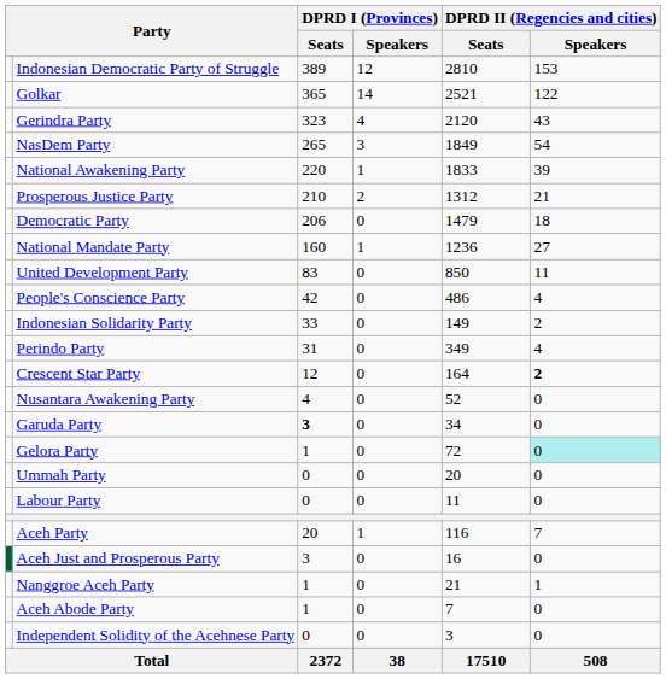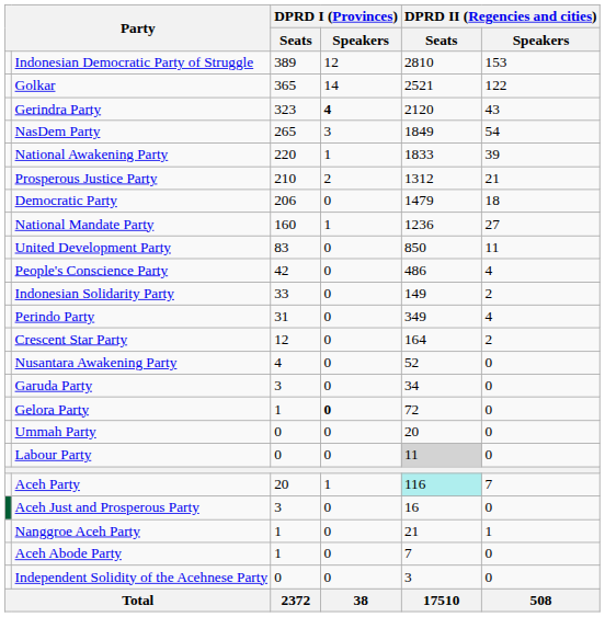 <table class="wikitable sortable">
 <tr>
 <th rowspan=2 colspan=2>Party</th>
 <th colspan=2>DPRD I (<a href='#'>Provinces</a>)</th>
 <th colspan=2>DPRD II (<a href='#'>Regencies and cities</a>)</th>
 </tr>
 <tr>
 <th>Seats</th>
 <th>Speakers</th>
 <th>Seats</th>
 <th>Speakers</th>
 </tr>
 <tr>
 <td style="background-color: "></td>
 <td><a href='#'>Indonesian Democratic Party of Struggle</a></td>
 <td>389</td>
 <td>12</td>
 <td>2810</td>
 <td>153</td>
 </tr>
 <tr>
 <td style="background-color: "></td>
 <td><a href='#'>Golkar</a></td>
 <td>365</td>
 <td>14</td>
 <td>2521</td>
 <td>122</td>
 </tr>
 <tr>
 <td style="background-color: "></td>
 <td><a href='#'>Gerindra Party</a></td>
 <td>323</td>
-<td>4</td>
+<td><strong>4</strong></td>
 <td>2120</td>
 <td>43</td>
 </tr>
 <tr>
 <td style="background-color: "></td>
 <td><a href='#'>NasDem Party</a></td>
 <td>265</td>
 <td>3</td>
 <td>1849</td>
 <td>54</td>
 </tr>
 <tr>
 <td style="background-color: "></td>
 <td><a href='#'>National Awakening Party</a></td>
 <td>220</td>
 <td>1</td>
 <td>1833</td>
 <td>39</td>
 </tr>
 <tr>
 <td style="background-color: "></td>
 <td><a href='#'>Prosperous Justice Party</a></td>
 <td>210</td>
 <td>2</td>
 <td>1312</td>
 <td>21</td>
 </tr>
 <tr>
 <td style="background-color: "></td>
 <td><a href='#'>Democratic Party</a></td>
 <td>206</td>
 <td>0</td>
 <td>1479</td>
 <td>18</td>
 </tr>
 <tr>
 <td style="background-color: "></td>
 <td><a href='#'>National Mandate Party</a></td>
 <td>160</td>
 <td>1</td>
 <td>1236</td>
 <td>27</td>
 </tr>
 <tr>
 <td style="background-color: "></td>
 <td><a href='#'>United Development Party</a></td>
 <td>83</td>
 <td>0</td>
 <td>850</td>
 <td>11</td>
 </tr>
 <tr>
 <td style="background-color: "></td>
 <td><a href='#'>People's Conscience Party</a></td>
 <td>42</td>
 <td>0</td>
 <td>486</td>
 <td>4</td>
 </tr>
 <tr>
 <td style="background-color: "></td>
 <td><a href='#'>Indonesian Solidarity Party</a></td>
 <td>33</td>
 <td>0</td>
 <td>149</td>
 <td>2</td>
 </tr>
 <tr>
 <td style="background-color: "></td>
 <td><a href='#'>Perindo Party</a></td>
 <td>31</td>
 <td>0</td>
 <td>349</td>
 <td>4</td>
 </tr>
 <tr>
 <td style="background-color: "></td>
 <td><a href='#'>Crescent Star Party</a></td>
 <td>12</td>
 <td>0</td>
 <td>164</td>
-<td><strong>2</strong></td>
+<td>2</td>
 </tr>
 <tr>
 <td style="background-color: "></td>
 <td><a href='#'>Nusantara Awakening Party</a></td>
 <td>4</td>
 <td>0</td>
 <td>52</td>
 <td>0</td>
 </tr>
 <tr>
 <td style="background-color: "></td>
 <td><a href='#'>Garuda Party</a></td>
-<td><strong>3</strong></td>
+<td>3</td>
 <td>0</td>
 <td>34</td>
 <td>0</td>
 </tr>
 <tr>
 <td style="background-color: "></td>
 <td><a href='#'>Gelora Party</a></td>
 <td>1</td>
+<td><strong>0</strong></td>
+<td>72</td>
 <td>0</td>
-<td>72</td>
-<td style="background: paleturquoise;">0</td>
 </tr>
 <tr>
 <td style="background-color: "></td>
 <td><a href='#'>Ummah Party</a></td>
 <td>0</td>
 <td>0</td>
 <td>20</td>
 <td>0</td>
 </tr>
 <tr>
 <td style="background-color: "></td>
 <td><a href='#'>Labour Party</a></td>
 <td>0</td>
 <td>0</td>
-<td>11</td>
+<td style="background: lightgrey;">11</td>
 <td>0</td>
 </tr>
 <tr>
 <th colspan=9></th>
 </tr>
 <tr>
 <td style="background-color: "></td>
 <td><a href='#'>Aceh Party</a></td>
 <td>20</td>
 <td>1</td>
-<td>116</td>
+<td style="background: paleturquoise;">116</td>
 <td>7</td>
 </tr>
 <tr>
 <td style="background-color:#005D34"></td>
 <td><a href='#'>Aceh Just and Prosperous Party</a></td>
 <td>3</td>
 <td>0</td>
 <td>16</td>
 <td>0</td>
 </tr>
 <tr>
 <td style="background-color: "></td>
 <td><a href='#'>Nanggroe Aceh Party</a></td>
 <td>1</td>
 <td>0</td>
 <td>21</td>
 <td>1</td>
 </tr>
 <tr>
 <td style="background-color: "></td>
 <td><a href='#'>Aceh Abode Party</a></td>
 <td>1</td>
 <td>0</td>
 <td>7</td>
 <td>0</td>
 </tr>
 <tr>
 <td style="background-color: "></td>
 <td><a href='#'>Independent Solidity of the Acehnese Party</a></td>
 <td>0</td>
 <td>0</td>
 <td>3</td>
 <td>0</td>
 </tr>
 <tr>
 <th colspan=2><strong>Total</strong></th>
 <th>2372</th>
 <th>38</th>
 <th>17510</th>
 <th>508</th>
 </tr>
 </table>
